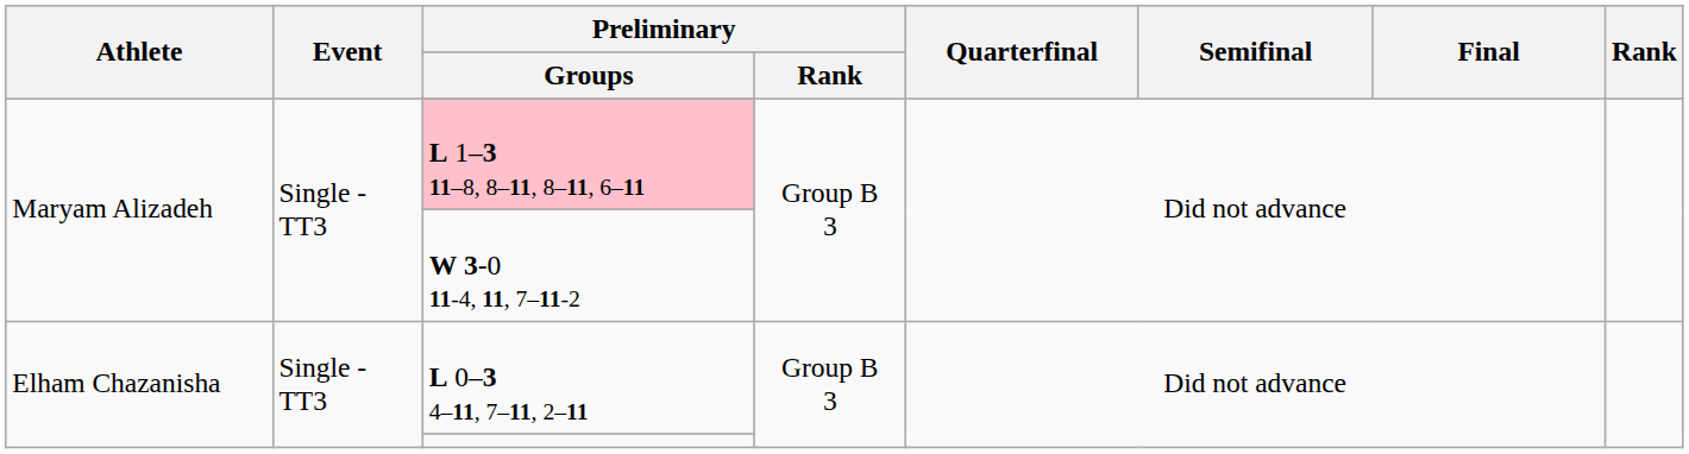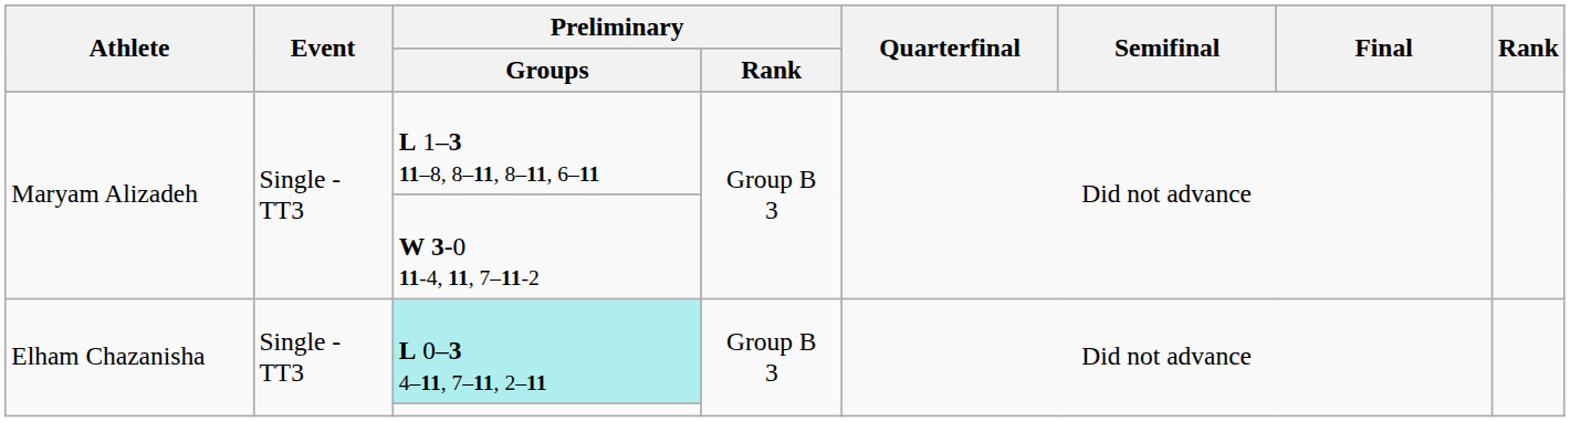 <table class="wikitable" width="98%" style="text-align:left; font-size:90%">
 <tr>
 <th rowspan="2" width="16%">Athlete</th>
 <th rowspan="2" width="9%">Event</th>
 <th colspan="2">Preliminary</th>
 <th rowspan="2" width="14%">Quarterfinal</th>
 <th rowspan="2" width="14%">Semifinal</th>
 <th rowspan="2" width="14%">Final</th>
 <th rowspan="2" width="5%">Rank</th>
 </tr>
 <tr>
 <th width="20%">Groups</th>
 <th width="9%">Rank</th>
 </tr>
 <tr>
 <td rowspan="2">Maryam  Alizadeh</td>
 <td rowspan="2">Single - TT3</td>
-<td style="background: pink;"><br><strong>L</strong> 1–<strong>3</strong><br><small><strong>11</strong>–8, 8–<strong>11</strong>,  8–<strong>11</strong>, 6–<strong>11</strong></small></td>
+<td><br><strong>L</strong> 1–<strong>3</strong><br><small><strong>11</strong>–8, 8–<strong>11</strong>,  8–<strong>11</strong>, 6–<strong>11</strong></small></td>
 <td rowspan="2" align=center>Group B<br>3</td>
 <td colspan=3 rowspan="2" align=center>Did not advance</td>
 <td rowspan="2" align="center"></td>
 </tr>
 <tr>
 <td><br><strong>W</strong> <strong>3</strong>-0<br><small><strong>11</strong>-4, <strong>11</strong>, 7–<strong>11</strong>-2</small></td>
 </tr>
 <tr>
 <td rowspan="2">Elham Chazanisha</td>
 <td rowspan="2">Single - TT3</td>
-<td><br><strong>L</strong> 0–<strong>3</strong><br><small> 4–<strong>11</strong>,  7–<strong>11</strong>, 2–<strong>11</strong></small></td>
+<td style="background: paleturquoise;"><br><strong>L</strong> 0–<strong>3</strong><br><small> 4–<strong>11</strong>,  7–<strong>11</strong>, 2–<strong>11</strong></small></td>
 <td rowspan="2" align=center>Group B<br>3</td>
 <td colspan=3 rowspan="2" align=center>Did not advance</td>
 <td rowspan="2" align="center"></td>
 </tr>
 <tr>
 <td></td>
 </tr>
 </table>
